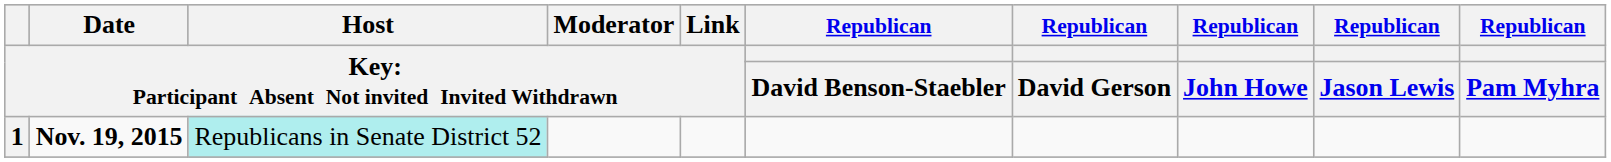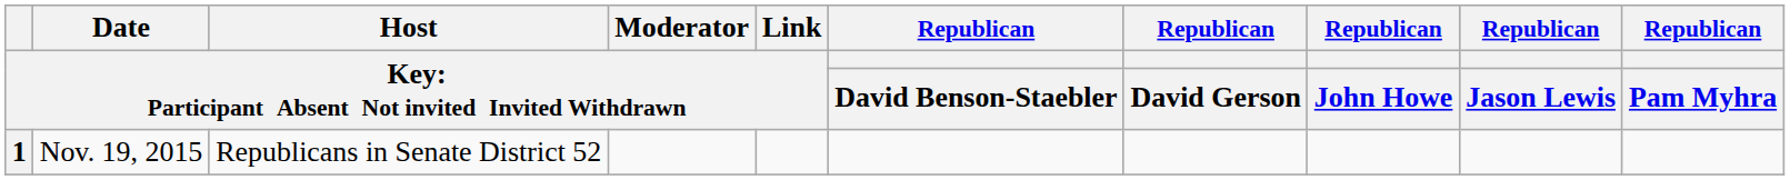 <table class="wikitable" style="text-align:center;">
 <tr>
 <th scope="col"></th>
 <th scope="col">Date</th>
 <th scope="col">Host</th>
 <th scope="col">Moderator</th>
 <th scope="col">Link</th>
 <th scope="col"><small><a href='#'>Republican</a></small></th>
 <th scope="col"><small><a href='#'>Republican</a></small></th>
 <th scope="col"><small><a href='#'>Republican</a></small></th>
 <th scope="col"><small><a href='#'>Republican</a></small></th>
 <th scope="col"><small><a href='#'>Republican</a></small></th>
 </tr>
 <tr>
 <th colspan="5" rowspan="2">Key:<br> <small>Participant </small>  <small>Absent </small>  <small>Not invited </small>  <small>Invited  Withdrawn</small></th>
 <th scope="col" style="background:"></th>
 <th scope="col" style="background:"></th>
 <th scope="col" style="background:"></th>
 <th scope="col" style="background:"></th>
 <th scope="col" style="background:"></th>
 </tr>
 <tr>
 <th scope="col">David Benson-Staebler</th>
 <th scope="col">David Gerson</th>
 <th scope="col"><a href='#'>John Howe</a></th>
 <th scope="col"><a href='#'>Jason Lewis</a></th>
 <th scope="col"><a href='#'>Pam Myhra</a></th>
 </tr>
 <tr>
 <th>1</th>
-<td style="white-space:nowrap;"><strong>Nov. 19, 2015</strong></td>
-<td style="background: paleturquoise; white-space:nowrap;">Republicans in Senate District 52</td>
+<td style="white-space:nowrap;">Nov. 19, 2015</td>
+<td style="white-space:nowrap;">Republicans in Senate District 52</td>
 <td style="white-space:nowrap;"></td>
 <td style="white-space:nowrap;"></td>
 <td></td>
 <td></td>
 <td></td>
 <td></td>
 <td></td>
 </tr>
 </table>
